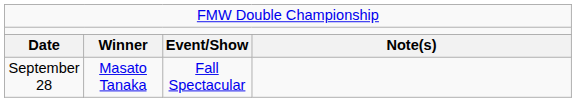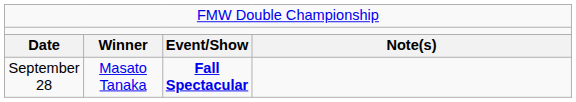 <table class="wikitable" style="text-align:center; width:100%;">
 <tr>
 <td colspan="5"><a href='#'>FMW Double Championship</a></td>
 </tr>
 <tr>
 <td colspan="5"><strong></strong></td>
 </tr>
 <tr>
 <th width="14%">Date</th>
 <th width="14%">Winner</th>
 <th width="14%">Event/Show</th>
 <th width="58%">Note(s)</th>
 </tr>
 <tr>
 <td>September 28</td>
 <td><a href='#'>Masato Tanaka</a></td>
-<td><a href='#'>Fall Spectacular</a></td>
+<td><strong><a href='#'>Fall Spectacular</a></strong></td>
 <td align="left"></td>
 </tr>
 </table>
